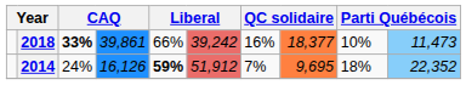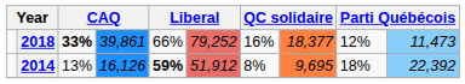 <table class="wikitable" style="float:right; width:400; font-size:90%; margin-left:1em;">
 <tr>
 <th colspan="2" scope="col">Year</th>
 <th colspan="2" scope="col"><a href='#'>CAQ</a></th>
 <th colspan="2" scope="col"><a href='#'>Liberal</a></th>
 <th colspan="2" scope="col"><a href='#'>QC solidaire</a></th>
 <th colspan="2" scope="col"><a href='#'>Parti Québécois</a></th>
 </tr>
 <tr>
 <td style="width: 0.25em; background-color: "></td>
 <th><a href='#'>2018</a></th>
 <td><strong>33%</strong></td>
 <td style="text-align:right; background:#1E90FF;"><em>39,861</em></td>
 <td>66%</td>
-<td style="text-align:right; background:#EA6D6A;"><em>39,242</em></td>
+<td style="text-align:right; background:#EA6D6A;"><em>79,252</em></td>
 <td>16%</td>
 <td style="text-align:right; background:#FF8040;"><em>18,377</em></td>
-<td>10%</td>
+<td>12%</td>
 <td style="text-align:right; background:#87CEFA;"><em>11,473</em></td>
 </tr>
 <tr>
 <td style="width: 0.25em; background-color: "></td>
 <th><a href='#'>2014</a></th>
-<td>24%</td>
+<td>13%</td>
 <td style="text-align:right; background:#1E90FF;"><em>16,126</em></td>
 <td><strong>59%</strong></td>
 <td style="text-align:right; background:#EA6D6A;"><em>51,912</em></td>
-<td>7%</td>
+<td>8%</td>
 <td style="text-align:right; background:#FF8040;"><em>9,695</em></td>
 <td>18%</td>
-<td style="text-align:right; background:#87CEFA;"><em>22,352</em></td>
+<td style="text-align:right; background:#87CEFA;"><em>22,392</em></td>
 </tr>
 <tr>
 </tr>
 </table>
